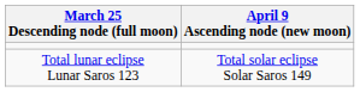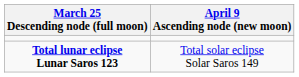 <table class="wikitable">
 <tr>
 <th><a href='#'>March 25</a><br>Descending node (full moon)<br></th>
 <th><a href='#'>April 9</a><br>Ascending node (new moon)<br></th>
 </tr>
 <tr>
 <td></td>
 <td></td>
 </tr>
 <tr align=center>
-<td><a href='#'>Total lunar eclipse</a><br>Lunar Saros 123</td>
+<td><strong><a href='#'>Total lunar eclipse</a><br>Lunar Saros 123</strong></td>
 <td><a href='#'>Total solar eclipse</a><br>Solar Saros 149</td>
 </tr>
 </table>
